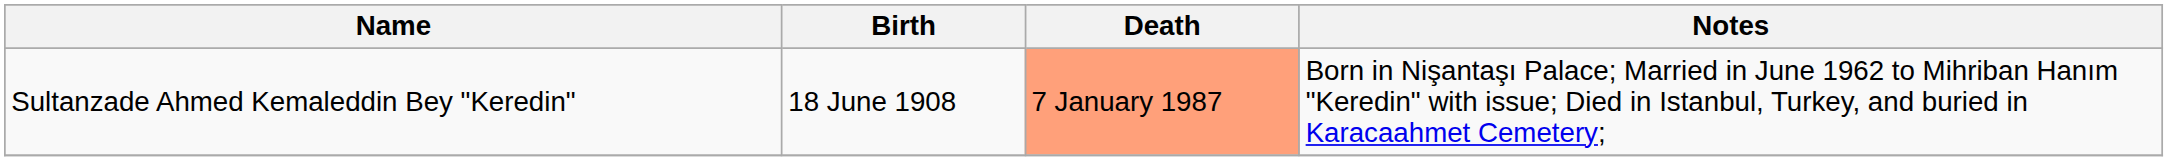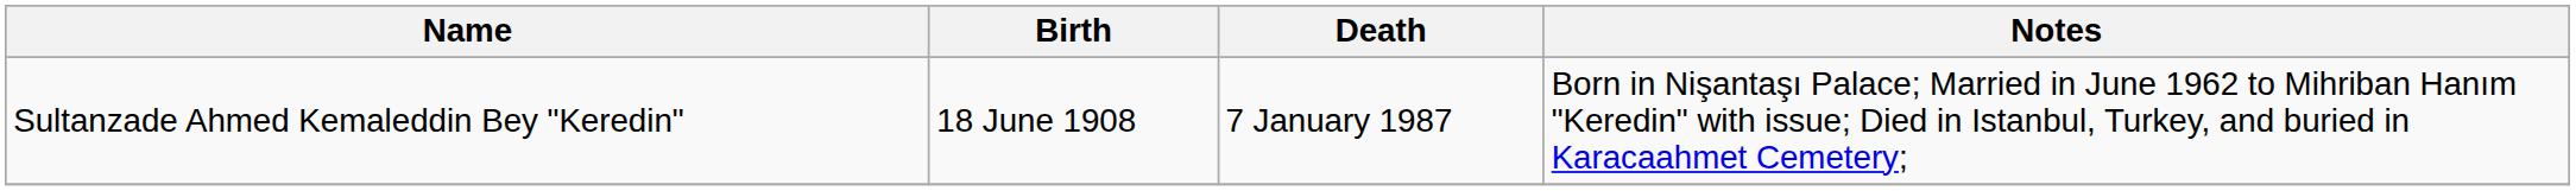 <table class="wikitable">
 <tr>
 <th>Name</th>
 <th>Birth</th>
 <th>Death</th>
 <th style="width:40%;">Notes</th>
 </tr>
 <tr>
 <td>Sultanzade Ahmed Kemaleddin Bey "Keredin"</td>
 <td>18 June 1908</td>
-<td style="background: lightsalmon;">7 January 1987</td>
+<td>7 January 1987</td>
 <td>Born in Nişantaşı Palace; Married in June 1962 to Mihriban Hanım "Keredin" with issue; Died in Istanbul, Turkey, and buried in <a href='#'>Karacaahmet Cemetery</a>;</td>
 </tr>
 <tr>
 </tr>
 </table>
